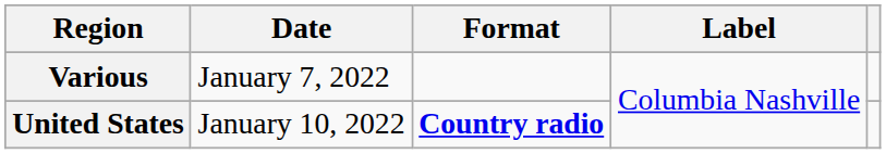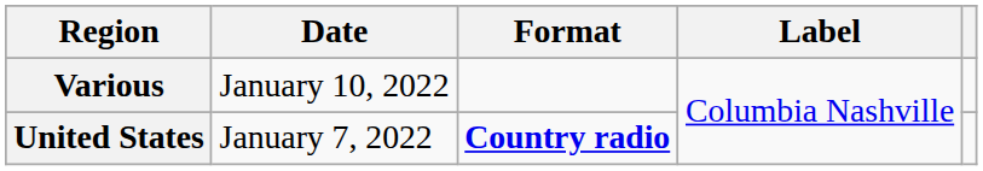 <table class="wikitable plainrowheaders">
 <tr>
 <th scope="col">Region</th>
 <th scope="col">Date</th>
 <th scope="col">Format</th>
 <th scope="col">Label</th>
 <th scope="col"></th>
 </tr>
 <tr>
 <th scope="row">Various</th>
-<td>January 7, 2022</td>
+<td>January 10, 2022</td>
 <td></td>
 <td rowspan="2"><a href='#'>Columbia Nashville</a></td>
 <td></td>
 </tr>
 <tr>
 <th scope="row">United States</th>
-<td>January 10, 2022</td>
+<td>January 7, 2022</td>
 <td><strong><a href='#'>Country radio</a></strong></td>
 <td></td>
 </tr>
 </table>
